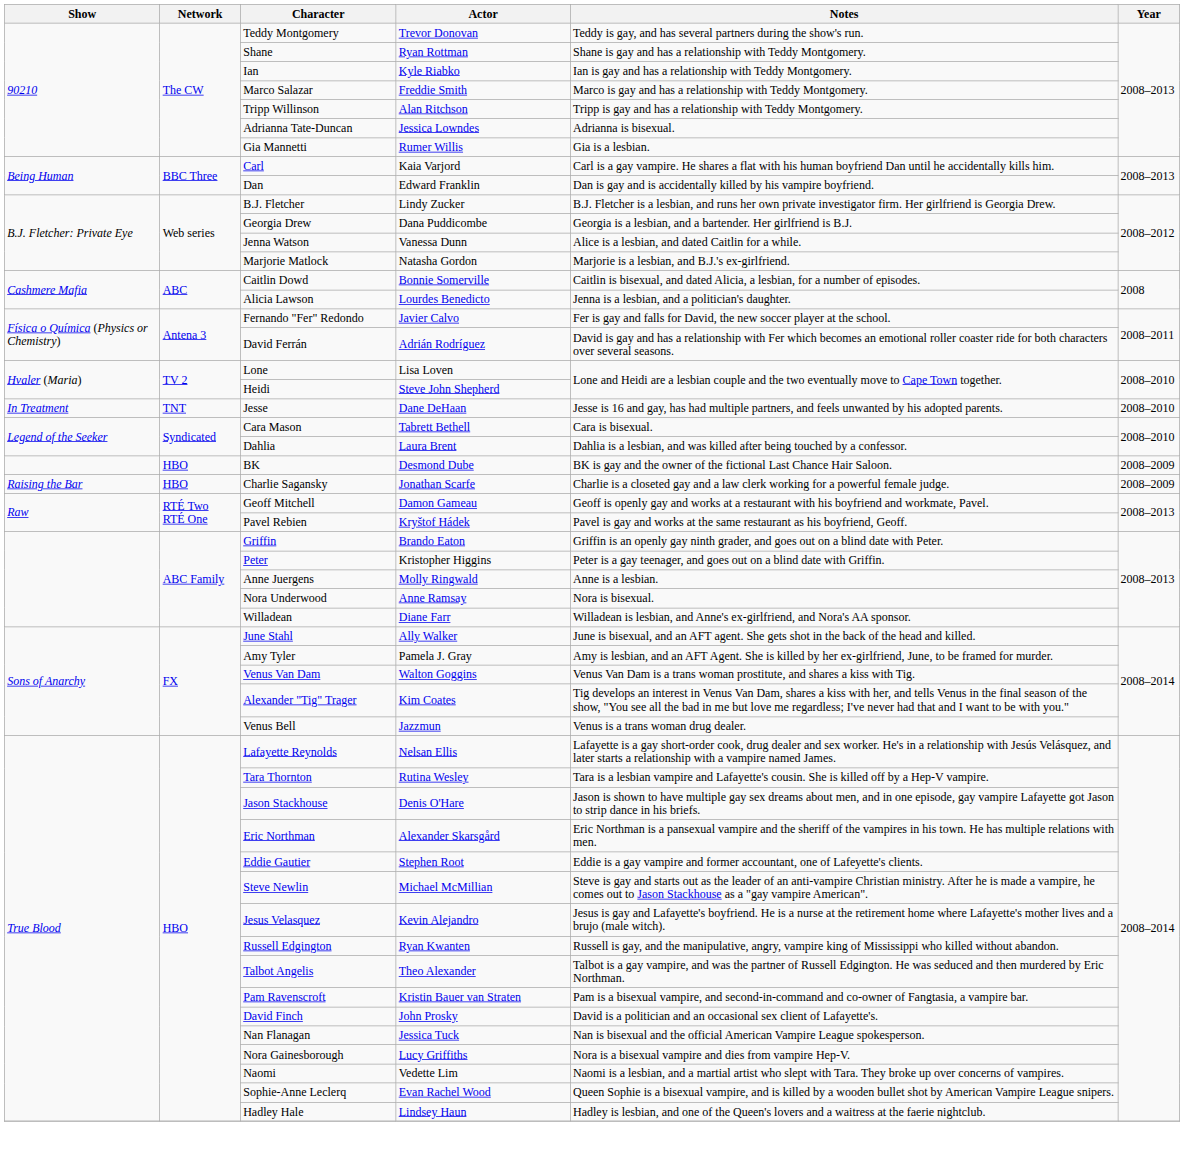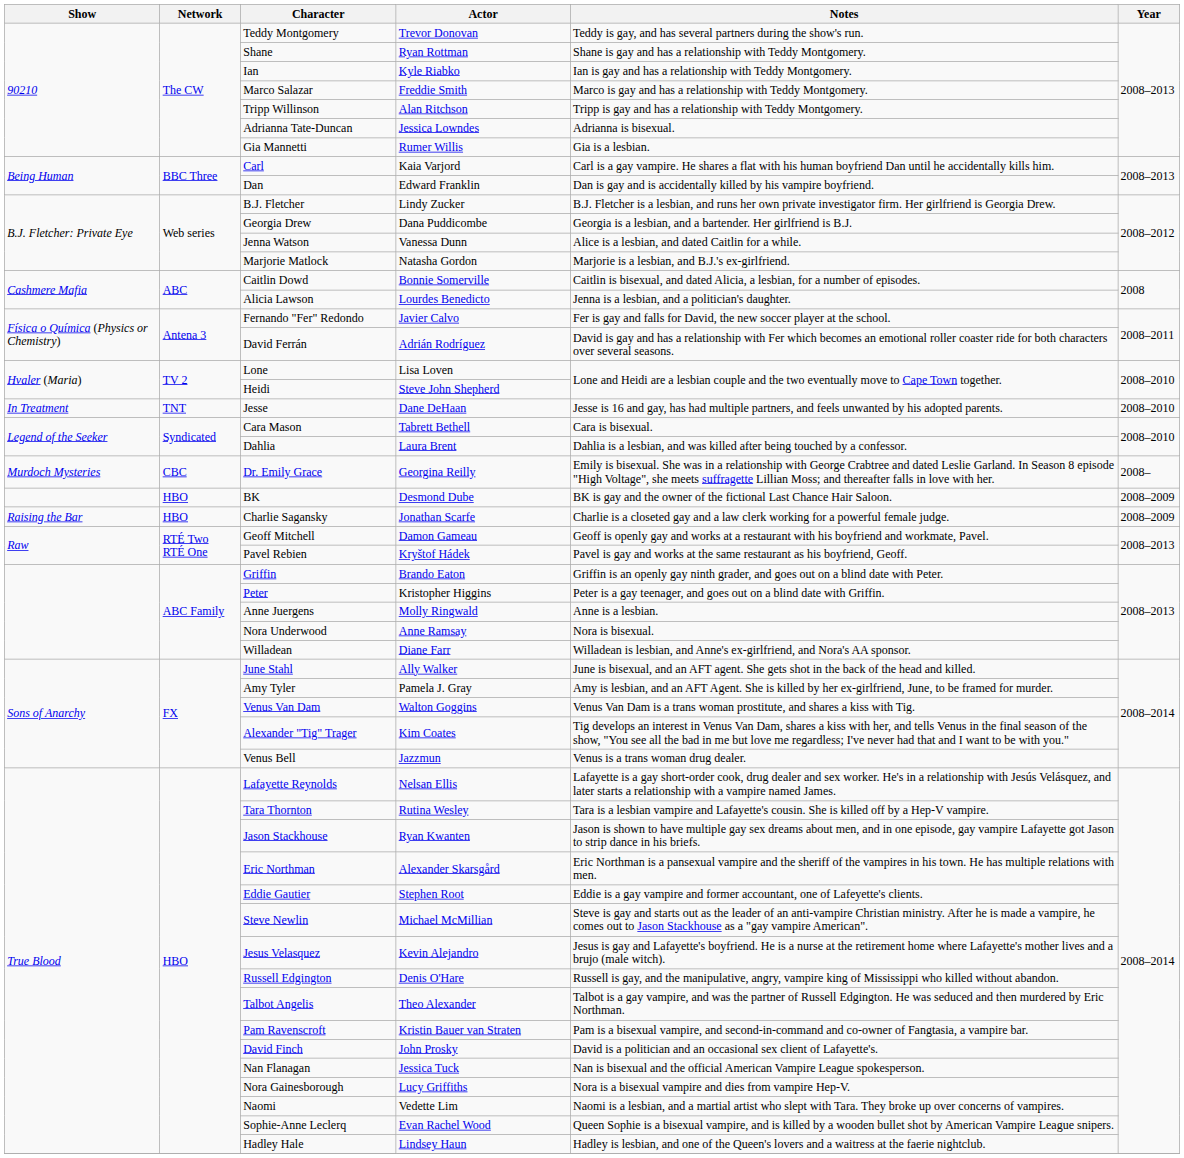 <table class="sortable wikitable" style="margins:auto; width=100%;">
 <tr>
 <th style="width:200px;">Show</th>
 <th style="width:100px;">Network</th>
 <th style="width:200px;">Character</th>
 <th style="width:225px;">Actor</th>
 <th>Notes</th>
 <th style="width:75px;">Year</th>
 </tr>
 <tr>
 <td rowspan="7"><em><a href='#'>90210</a></em></td>
 <td rowspan="7"><a href='#'>The CW</a></td>
 <td>Teddy Montgomery</td>
 <td><a href='#'>Trevor Donovan</a></td>
 <td>Teddy is gay, and has several partners during the show's run.</td>
 <td rowspan="7">2008–2013</td>
 </tr>
 <tr>
 <td>Shane</td>
 <td><a href='#'>Ryan Rottman</a></td>
 <td>Shane is gay and has a relationship with Teddy Montgomery.</td>
 </tr>
 <tr>
 <td>Ian</td>
 <td><a href='#'>Kyle Riabko</a></td>
 <td>Ian is gay and has a relationship with Teddy Montgomery.</td>
 </tr>
 <tr>
 <td>Marco Salazar</td>
 <td><a href='#'>Freddie Smith</a></td>
 <td>Marco is gay and has a relationship with Teddy Montgomery.</td>
 </tr>
 <tr>
 <td>Tripp Willinson</td>
 <td><a href='#'>Alan Ritchson</a></td>
 <td>Tripp is gay and has a relationship with Teddy Montgomery.</td>
 </tr>
 <tr>
 <td>Adrianna Tate-Duncan</td>
 <td><a href='#'>Jessica Lowndes</a></td>
 <td>Adrianna is bisexual.</td>
 </tr>
 <tr>
 <td>Gia Mannetti</td>
 <td><a href='#'>Rumer Willis</a></td>
 <td>Gia is a lesbian.</td>
 </tr>
 <tr>
 <td rowspan="2"><em><a href='#'>Being Human</a></em></td>
 <td rowspan="2"><a href='#'>BBC Three</a></td>
 <td><a href='#'>Carl</a></td>
 <td>Kaia Varjord</td>
 <td>Carl is a gay vampire. He shares a flat with his human boyfriend Dan until he accidentally kills him.</td>
 <td rowspan="2">2008–2013</td>
 </tr>
 <tr>
 <td>Dan</td>
 <td>Edward Franklin</td>
 <td>Dan is gay and is accidentally killed by his vampire boyfriend.</td>
 </tr>
 <tr>
 <td rowspan="4"><em>B.J. Fletcher: Private Eye</em></td>
 <td rowspan="4">Web series</td>
 <td>B.J. Fletcher</td>
 <td>Lindy Zucker</td>
 <td>B.J. Fletcher is a lesbian, and runs her own private investigator firm. Her girlfriend is Georgia Drew.</td>
 <td rowspan="4">2008–2012</td>
 </tr>
 <tr>
 <td>Georgia Drew</td>
 <td>Dana Puddicombe</td>
 <td>Georgia is a lesbian, and a bartender. Her girlfriend is B.J.</td>
 </tr>
 <tr>
 <td>Jenna Watson</td>
 <td>Vanessa Dunn</td>
 <td>Alice is a lesbian, and dated Caitlin for a while.</td>
 </tr>
 <tr>
 <td>Marjorie Matlock</td>
 <td>Natasha Gordon</td>
 <td>Marjorie is a lesbian, and B.J.'s ex-girlfriend.</td>
 </tr>
 <tr>
 <td rowspan="2"><em><a href='#'>Cashmere Mafia</a></em></td>
 <td rowspan="2"><a href='#'>ABC</a></td>
 <td>Caitlin Dowd</td>
 <td><a href='#'>Bonnie Somerville</a></td>
 <td>Caitlin is bisexual, and dated Alicia, a lesbian, for a number of episodes.</td>
 <td rowspan="2">2008</td>
 </tr>
 <tr>
 <td>Alicia Lawson</td>
 <td><a href='#'>Lourdes Benedicto</a></td>
 <td>Jenna is a lesbian, and a politician's daughter.</td>
 </tr>
 <tr>
 <td rowspan="2"><em><a href='#'>Física o Química</a></em> (<em>Physics or Chemistry</em>)</td>
 <td rowspan="2"><a href='#'>Antena 3</a></td>
 <td>Fernando "Fer" Redondo</td>
 <td><a href='#'>Javier Calvo</a></td>
 <td>Fer is gay and falls for David, the new soccer player at the school.</td>
 <td rowspan="2">2008–2011</td>
 </tr>
 <tr>
 <td>David Ferrán</td>
 <td><a href='#'>Adrián Rodríguez</a></td>
 <td>David is gay and has a relationship with Fer which becomes an emotional roller coaster ride for both characters over several seasons.</td>
 </tr>
 <tr>
 <td rowspan="2"><em><a href='#'>Hvaler</a></em> (<em>Maria</em>)</td>
 <td rowspan="2"><a href='#'>TV 2</a></td>
 <td>Lone</td>
 <td>Lisa Loven</td>
 <td rowspan="2">Lone and Heidi are a lesbian couple and the two eventually move to <a href='#'>Cape Town</a> together.</td>
 <td rowspan="2">2008–2010</td>
 </tr>
 <tr>
 <td>Heidi</td>
 <td><a href='#'>Steve John Shepherd</a></td>
 </tr>
 <tr>
 <td><em><a href='#'>In Treatment</a></em></td>
 <td><a href='#'>TNT</a></td>
 <td>Jesse</td>
 <td><a href='#'>Dane DeHaan</a></td>
 <td>Jesse is 16 and gay, has had multiple partners, and feels unwanted by his adopted parents.</td>
 <td>2008–2010</td>
 </tr>
 <tr>
 <td rowspan="2"><em><a href='#'>Legend of the Seeker</a></em></td>
 <td rowspan="2"><a href='#'>Syndicated</a></td>
 <td>Cara Mason</td>
 <td><a href='#'>Tabrett Bethell</a></td>
 <td>Cara is bisexual.</td>
 <td rowspan="2">2008–2010</td>
 </tr>
 <tr>
 <td>Dahlia</td>
 <td><a href='#'>Laura Brent</a></td>
 <td>Dahlia is a lesbian, and was killed after being touched by a confessor.</td>
 </tr>
 <tr>
+<td><em><a href='#'>Murdoch Mysteries</a></em></td>
+<td><a href='#'>CBC</a></td>
+<td><a href='#'>Dr. Emily Grace</a></td>
+<td><a href='#'>Georgina Reilly</a></td>
+<td>Emily is bisexual. She was in a relationship with George Crabtree and dated Leslie Garland. In Season 8 episode "High Voltage", she meets <a href='#'>suffragette</a> Lillian Moss; and thereafter falls in love with her.</td>
+<td>2008–</td>
+</tr>
+<tr>
 <td></td>
 <td><a href='#'>HBO</a></td>
 <td>BK</td>
 <td><a href='#'>Desmond Dube</a></td>
 <td>BK is gay and the owner of the fictional Last Chance Hair Saloon.</td>
 <td>2008–2009</td>
 </tr>
 <tr>
 <td><em><a href='#'>Raising the Bar</a></em></td>
 <td><a href='#'>HBO</a></td>
 <td>Charlie Sagansky</td>
 <td><a href='#'>Jonathan Scarfe</a></td>
 <td>Charlie is a closeted gay and a law clerk working for a powerful female judge.</td>
 <td>2008–2009</td>
 </tr>
 <tr>
 <td rowspan="2"><em><a href='#'>Raw</a></em></td>
 <td rowspan="2"><a href='#'>RTÉ Two</a> <br> <a href='#'>RTÉ One</a></td>
 <td>Geoff Mitchell</td>
 <td><a href='#'>Damon Gameau</a></td>
 <td>Geoff is openly gay and works at a restaurant with his boyfriend and workmate, Pavel.</td>
 <td rowspan="2">2008–2013</td>
 </tr>
 <tr>
 <td>Pavel Rebien</td>
 <td><a href='#'>Kryštof Hádek</a></td>
 <td>Pavel is gay and works at the same restaurant as his boyfriend, Geoff.</td>
 </tr>
 <tr>
 <td rowspan="5"></td>
 <td rowspan="5"><a href='#'>ABC Family</a></td>
 <td><a href='#'>Griffin</a></td>
 <td><a href='#'>Brando Eaton</a></td>
 <td>Griffin is an openly gay ninth grader, and goes out on a blind date with Peter.</td>
 <td rowspan="5">2008–2013</td>
 </tr>
 <tr>
 <td><a href='#'>Peter</a></td>
 <td>Kristopher Higgins</td>
 <td>Peter is a gay teenager, and goes out on a blind date with Griffin.</td>
 </tr>
 <tr>
 <td>Anne Juergens</td>
 <td><a href='#'>Molly Ringwald</a></td>
 <td>Anne is a lesbian.</td>
 </tr>
 <tr>
 <td>Nora Underwood</td>
 <td><a href='#'>Anne Ramsay</a></td>
 <td>Nora is bisexual.</td>
 </tr>
 <tr>
 <td>Willadean</td>
 <td><a href='#'>Diane Farr</a></td>
 <td>Willadean is lesbian, and Anne's ex-girlfriend, and Nora's AA sponsor.</td>
 </tr>
 <tr>
 <td rowspan="5"><em><a href='#'>Sons of Anarchy</a></em></td>
 <td rowspan="5"><a href='#'>FX</a></td>
 <td><a href='#'>June Stahl</a></td>
 <td><a href='#'>Ally Walker</a></td>
 <td>June is bisexual, and an AFT agent. She gets shot in the back of the head and killed.</td>
 <td rowspan="5">2008–2014</td>
 </tr>
 <tr>
 <td>Amy Tyler</td>
 <td>Pamela J. Gray</td>
 <td>Amy is lesbian, and an AFT Agent. She is killed by her ex-girlfriend, June, to be framed for murder.</td>
 </tr>
 <tr>
 <td><a href='#'>Venus Van Dam</a></td>
 <td><a href='#'>Walton Goggins</a></td>
 <td>Venus Van Dam is a trans woman prostitute, and shares a kiss with Tig.</td>
 </tr>
 <tr>
 <td><a href='#'>Alexander "Tig" Trager</a></td>
 <td><a href='#'>Kim Coates</a></td>
 <td>Tig develops an interest in Venus Van Dam, shares a kiss with her, and tells Venus in the final season of the show, "You see all the bad in me but love me regardless; I've never had that and I want to be with you."</td>
 </tr>
 <tr>
 <td>Venus Bell</td>
 <td><a href='#'>Jazzmun</a></td>
 <td>Venus is a trans woman drug dealer.</td>
 </tr>
 <tr>
 <td rowspan="16"><em><a href='#'>True Blood</a></em></td>
 <td rowspan="16"><a href='#'>HBO</a></td>
 <td><a href='#'>Lafayette Reynolds</a></td>
 <td><a href='#'>Nelsan Ellis</a></td>
 <td>Lafayette is a gay short-order cook, drug dealer and sex worker. He's in a relationship with Jesús Velásquez, and later starts a relationship with a vampire named James.</td>
 <td rowspan="16">2008–2014</td>
 </tr>
 <tr>
 <td><a href='#'>Tara Thornton</a></td>
 <td><a href='#'>Rutina Wesley</a></td>
 <td>Tara is a lesbian vampire and Lafayette's cousin. She is killed off by a Hep-V vampire.</td>
 </tr>
 <tr>
 <td><a href='#'>Jason Stackhouse</a></td>
-<td><a href='#'>Denis O'Hare</a></td>
+<td><a href='#'>Ryan Kwanten</a></td>
 <td>Jason is shown to have multiple gay sex dreams about men, and in one episode, gay vampire Lafayette got Jason to strip dance in his briefs.</td>
 </tr>
 <tr>
 <td><a href='#'>Eric Northman</a></td>
 <td><a href='#'>Alexander Skarsgård</a></td>
 <td>Eric Northman is a pansexual vampire and the sheriff of the vampires in his town. He has multiple relations with men.</td>
 </tr>
 <tr>
 <td><a href='#'>Eddie Gautier</a></td>
 <td><a href='#'>Stephen Root</a></td>
 <td>Eddie is a gay vampire and former accountant, one of Lafeyette's clients.</td>
 </tr>
 <tr>
 <td><a href='#'>Steve Newlin</a></td>
 <td><a href='#'>Michael McMillian</a></td>
 <td>Steve is gay and starts out as the leader of an anti-vampire Christian ministry. After he is made a vampire, he comes  out to <a href='#'>Jason Stackhouse</a> as a "gay vampire American".</td>
 </tr>
 <tr>
 <td><a href='#'>Jesus Velasquez</a></td>
 <td><a href='#'>Kevin Alejandro</a></td>
 <td>Jesus is gay and Lafayette's boyfriend. He is a nurse at the retirement home where Lafayette's mother lives and a brujo (male witch).</td>
 </tr>
 <tr>
 <td><a href='#'>Russell Edgington</a></td>
-<td><a href='#'>Ryan Kwanten</a></td>
+<td><a href='#'>Denis O'Hare</a></td>
 <td>Russell is gay, and the manipulative, angry, vampire king of Mississippi who killed without abandon.</td>
 </tr>
 <tr>
 <td><a href='#'>Talbot Angelis</a></td>
 <td><a href='#'>Theo Alexander</a></td>
 <td>Talbot is a gay vampire, and was the partner of Russell Edgington. He was seduced and then murdered by Eric Northman.</td>
 </tr>
 <tr>
 <td><a href='#'>Pam Ravenscroft</a></td>
 <td><a href='#'>Kristin Bauer van Straten</a></td>
 <td>Pam is a  bisexual vampire, and second-in-command and co-owner of Fangtasia, a vampire bar.</td>
 </tr>
 <tr>
 <td><a href='#'>David Finch</a></td>
 <td><a href='#'>John Prosky</a></td>
 <td>David is a politician and an occasional sex client of Lafayette's.</td>
 </tr>
 <tr>
 <td>Nan Flanagan</td>
 <td><a href='#'>Jessica Tuck</a></td>
 <td>Nan is bisexual and the official American Vampire League spokesperson.</td>
 </tr>
 <tr>
 <td>Nora Gainesborough</td>
 <td><a href='#'>Lucy Griffiths</a></td>
 <td>Nora is a bisexual vampire and dies from vampire Hep-V.</td>
 </tr>
 <tr>
 <td>Naomi</td>
 <td>Vedette Lim</td>
 <td>Naomi is a lesbian, and a martial artist who slept with Tara. They broke up over concerns of vampires.</td>
 </tr>
 <tr>
 <td>Sophie-Anne Leclerq</td>
 <td><a href='#'>Evan Rachel Wood</a></td>
 <td>Queen Sophie is a bisexual vampire, and is killed by a wooden bullet shot by American Vampire League snipers.</td>
 </tr>
 <tr>
 <td>Hadley Hale</td>
 <td><a href='#'>Lindsey Haun</a></td>
 <td>Hadley is lesbian, and one of the Queen's lovers and a waitress at the faerie nightclub.</td>
 </tr>
 <tr>
 </tr>
 </table>
